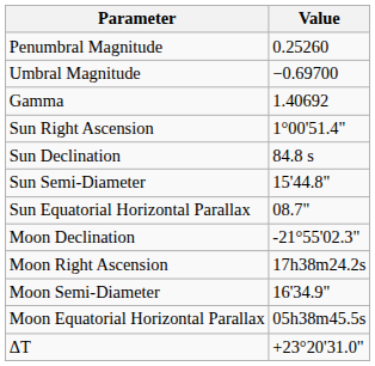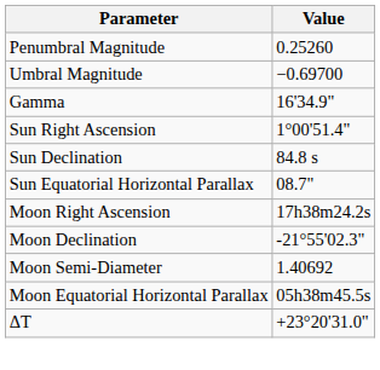 <table class="wikitable">
 <tr>
 <th>Parameter</th>
 <th>Value</th>
 </tr>
 <tr>
 <td>Penumbral Magnitude</td>
 <td>0.25260</td>
 </tr>
 <tr>
 <td>Umbral Magnitude</td>
 <td>−0.69700</td>
 </tr>
 <tr>
 <td>Gamma</td>
-<td>1.40692</td>
+<td>16'34.9"</td>
 </tr>
 <tr>
 <td>Sun Right Ascension</td>
 <td>1°00'51.4"</td>
 </tr>
 <tr>
 <td>Sun Declination</td>
 <td>84.8 s</td>
 </tr>
 <tr>
-<td>Sun Semi-Diameter</td>
-<td>15'44.8"</td>
+<td>Sun Equatorial Horizontal Parallax</td>
+<td>08.7"</td>
 </tr>
 <tr>
-<td>Sun Equatorial Horizontal Parallax</td>
-<td>08.7"</td>
+<td>Moon Right Ascension</td>
+<td>17h38m24.2s</td>
 </tr>
 <tr>
 <td>Moon Declination</td>
 <td>-21°55'02.3"</td>
 </tr>
 <tr>
-<td>Moon Right Ascension</td>
-<td>17h38m24.2s</td>
-</tr>
-<tr>
 <td>Moon Semi-Diameter</td>
-<td>16'34.9"</td>
+<td>1.40692</td>
 </tr>
 <tr>
 <td>Moon Equatorial Horizontal Parallax</td>
 <td>05h38m45.5s</td>
 </tr>
 <tr>
 <td>ΔT</td>
 <td>+23°20'31.0"</td>
 </tr>
 </table>
